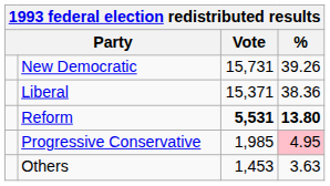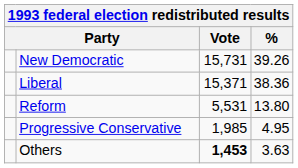 <table class="wikitable">
 <tr>
 <th colspan="4"><a href='#'>1993 federal election</a> redistributed results</th>
 </tr>
 <tr>
 <th bgcolor="#DDDDFF" width="130px" colspan="2">Party</th>
 <th bgcolor="#DDDDFF" width="50px">Vote</th>
 <th bgcolor="#DDDDFF" width="30px">%</th>
 </tr>
 <tr>
 <td> </td>
 <td><a href='#'>New Democratic</a></td>
 <td align=right>15,731</td>
 <td align=right>39.26</td>
 </tr>
 <tr>
 <td> </td>
 <td><a href='#'>Liberal</a></td>
 <td align=right>15,371</td>
 <td align=right>38.36</td>
 </tr>
 <tr>
 <td> </td>
 <td><a href='#'>Reform</a></td>
-<td align=right><strong>5,531</strong></td>
-<td align=right><strong>13.80</strong></td>
+<td align=right>5,531</td>
+<td align=right>13.80</td>
 </tr>
 <tr>
 <td> </td>
 <td><a href='#'>Progressive Conservative</a></td>
 <td align=right>1,985</td>
-<td align=right style="background: pink;">4.95</td>
+<td align=right>4.95</td>
 </tr>
 <tr>
 <td> </td>
 <td>Others</td>
-<td align=right>1,453</td>
+<td align=right><strong>1,453</strong></td>
 <td align=right>3.63</td>
 </tr>
 </table>
